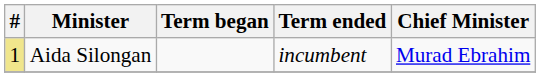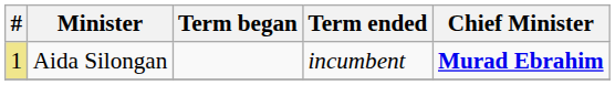 <table class="wikitable">
 <tr>
 <th>#</th>
 <th>Minister</th>
 <th>Term began</th>
 <th>Term ended</th>
 <th>Chief Minister</th>
 </tr>
 <tr>
 <td style="background: khaki;">1</td>
 <td>Aida Silongan</td>
 <td></td>
 <td><em>incumbent</em></td>
-<td><a href='#'>Murad Ebrahim</a></td>
+<td><strong><a href='#'>Murad Ebrahim</a></strong></td>
 </tr>
 <tr>
 </tr>
 </table>
